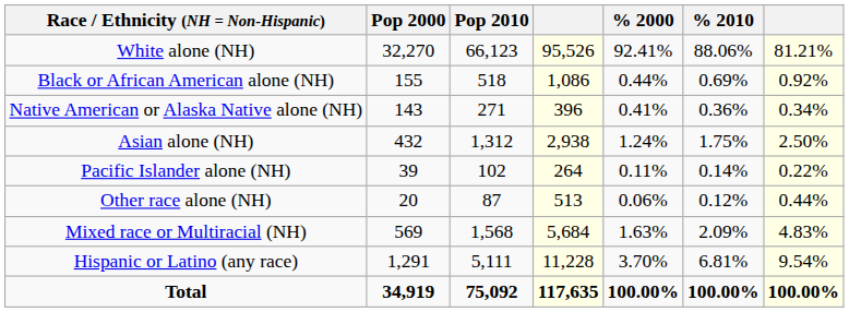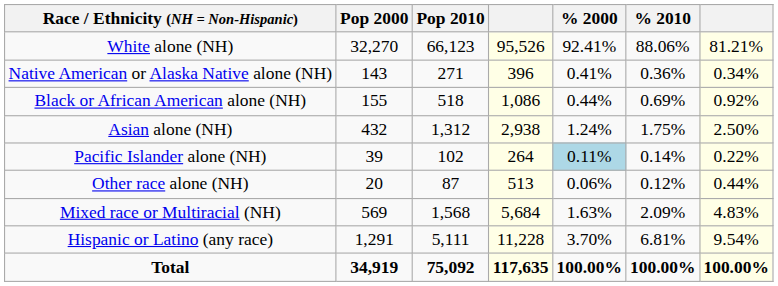 <table class="wikitable" style="text-align:center;">
 <tr>
 <th>Race / Ethnicity <small>(<em>NH = Non-Hispanic</em>)</small></th>
 <th>Pop 2000</th>
 <th>Pop 2010</th>
 <th></th>
 <th>% 2000</th>
 <th>% 2010</th>
 <th></th>
 </tr>
 <tr>
 <td><a href='#'>White</a> alone (NH)</td>
 <td>32,270</td>
 <td>66,123</td>
 <td style='background: #ffffe6;'>95,526</td>
 <td>92.41%</td>
 <td>88.06%</td>
 <td style='background: #ffffe6;'>81.21%</td>
 </tr>
 <tr>
+<td><a href='#'>Native American</a> or <a href='#'>Alaska Native</a> alone (NH)</td>
+<td>143</td>
+<td>271</td>
+<td style='background: #ffffe6;'>396</td>
+<td>0.41%</td>
+<td>0.36%</td>
+<td style='background: #ffffe6;'>0.34%</td>
+</tr>
+<tr>
 <td><a href='#'>Black or African American</a> alone (NH)</td>
 <td>155</td>
 <td>518</td>
 <td style='background: #ffffe6;'>1,086</td>
 <td>0.44%</td>
 <td>0.69%</td>
 <td style='background: #ffffe6;'>0.92%</td>
-</tr>
-<tr>
-<td><a href='#'>Native American</a> or <a href='#'>Alaska Native</a> alone (NH)</td>
-<td>143</td>
-<td>271</td>
-<td style='background: #ffffe6;'>396</td>
-<td>0.41%</td>
-<td>0.36%</td>
-<td style='background: #ffffe6;'>0.34%</td>
 </tr>
 <tr>
 <td><a href='#'>Asian</a> alone (NH)</td>
 <td>432</td>
 <td>1,312</td>
 <td style='background: #ffffe6;'>2,938</td>
 <td>1.24%</td>
 <td>1.75%</td>
 <td style='background: #ffffe6;'>2.50%</td>
 </tr>
 <tr>
 <td><a href='#'>Pacific Islander</a> alone (NH)</td>
 <td>39</td>
 <td>102</td>
 <td style='background: #ffffe6;'>264</td>
-<td>0.11%</td>
+<td style="background: lightblue;">0.11%</td>
 <td>0.14%</td>
 <td style='background: #ffffe6;'>0.22%</td>
 </tr>
 <tr>
 <td><a href='#'>Other race</a> alone (NH)</td>
 <td>20</td>
 <td>87</td>
 <td style='background: #ffffe6;'>513</td>
 <td>0.06%</td>
 <td>0.12%</td>
 <td style='background: #ffffe6;'>0.44%</td>
 </tr>
 <tr>
 <td><a href='#'>Mixed race or Multiracial</a> (NH)</td>
 <td>569</td>
 <td>1,568</td>
 <td style='background: #ffffe6;'>5,684</td>
 <td>1.63%</td>
 <td>2.09%</td>
 <td style='background: #ffffe6;'>4.83%</td>
 </tr>
 <tr>
 <td><a href='#'>Hispanic or Latino</a> (any race)</td>
 <td>1,291</td>
 <td>5,111</td>
 <td style='background: #ffffe6;'>11,228</td>
 <td>3.70%</td>
 <td>6.81%</td>
 <td style='background: #ffffe6;'>9.54%</td>
 </tr>
 <tr>
 <td><strong>Total</strong></td>
 <td><strong>34,919</strong></td>
 <td><strong>75,092</strong></td>
 <td style='background: #ffffe6;'><strong>117,635</strong></td>
 <td><strong>100.00%</strong></td>
 <td><strong>100.00%</strong></td>
 <td style='background: #ffffe6;'><strong>100.00%</strong></td>
 </tr>
 </table>
